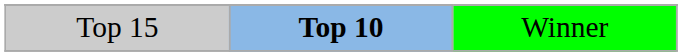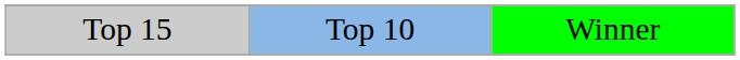 <table class="wikitable" style="margin:1em auto; text-align:center;">
 <tr>
 </tr>
 <tr>
 <td bgcolor="CCCCCC" width="15%">Top 15</td>
-<td bgcolor="8AB8E6" width="15%"><strong>Top 10</strong></td>
+<td bgcolor="8AB8E6" width="15%">Top 10</td>
 <td bgcolor="00FF00" width="15%">Winner</td>
 </tr>
 </table>
